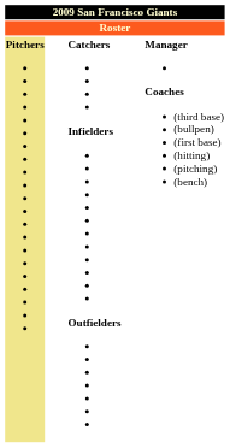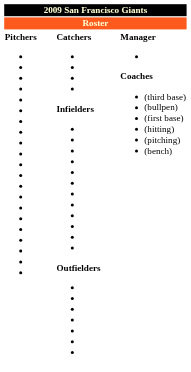 <table class="toccolours" style="font-size: 95%;">
 <tr>
 <th colspan="10" style="background-color: black; color: #FFFDD0; text-align: center;">2009 San Francisco Giants</th>
 </tr>
 <tr>
 <td colspan="10" style="background-color: #fd5a1e; color: #FFFDD0; text-align: center;"><strong>Roster</strong></td>
 </tr>
 <tr>
-<td valign="top" style="background: khaki;"><strong>Pitchers</strong><br><ul><li></li><li></li><li></li><li></li><li></li><li></li><li></li><li></li><li></li><li></li><li></li><li></li><li></li><li></li><li></li><li></li><li></li><li></li><li></li><li></li><li></li></ul></td>
+<td valign="top"><strong>Pitchers</strong><br><ul><li></li><li></li><li></li><li></li><li></li><li></li><li></li><li></li><li></li><li></li><li></li><li></li><li></li><li></li><li></li><li></li><li></li><li></li><li></li><li></li><li></li></ul></td>
 <td width="25px"></td>
 <td valign="top"><strong>Catchers</strong><br><ul><li></li><li></li><li></li><li></li></ul><strong>Infielders</strong><ul><li></li><li></li><li></li><li></li><li></li><li></li><li></li><li></li><li></li><li></li><li></li><li></li></ul><strong>Outfielders</strong><ul><li></li><li></li><li></li><li></li><li></li><li></li><li></li></ul></td>
 <td width="25px"></td>
 <td valign="top"><strong>Manager</strong><br><ul><li></li></ul><strong>Coaches</strong><ul><li> (third base)</li><li> (bullpen)</li><li> (first base)</li><li> (hitting)</li><li> (pitching)</li><li> (bench)</li></ul></td>
 </tr>
 <tr>
 </tr>
 </table>
